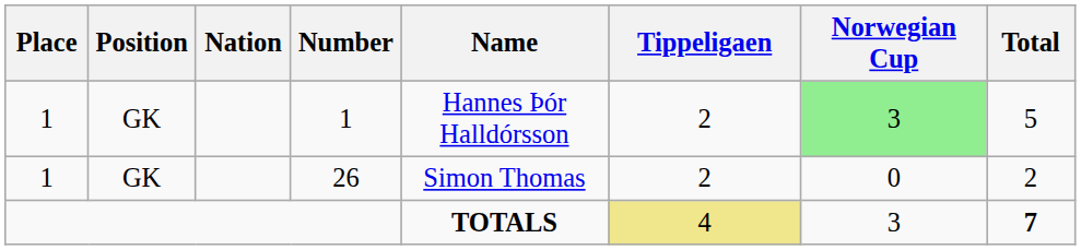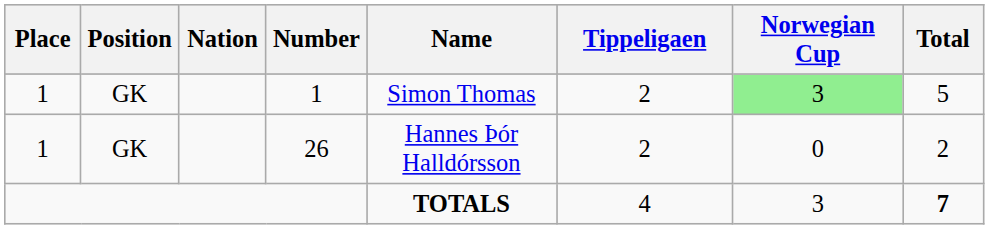 <table class="wikitable" style="font-size: 95%; text-align: center;">
 <tr>
 <th width=60>Place</th>
 <th width=60>Position</th>
 <th width=60>Nation</th>
 <th width=60>Number</th>
 <th width=250>Name</th>
 <th width=200><a href='#'>Tippeligaen</a></th>
 <th width=200><a href='#'>Norwegian Cup</a></th>
 <th width=80><strong>Total</strong></th>
 </tr>
 <tr>
 <td>1</td>
 <td>GK</td>
 <td></td>
 <td>1</td>
-<td><a href='#'>Hannes Þór Halldórsson</a></td>
+<td><a href='#'>Simon Thomas</a></td>
 <td>2</td>
 <td style="background: lightgreen;">3</td>
 <td>5</td>
 </tr>
 <tr>
 <td>1</td>
 <td>GK</td>
 <td></td>
 <td>26</td>
-<td><a href='#'>Simon Thomas</a></td>
+<td><a href='#'>Hannes Þór Halldórsson</a></td>
 <td>2</td>
 <td>0</td>
 <td>2</td>
 </tr>
 <tr>
 <td colspan="4"></td>
 <td><strong>TOTALS</strong></td>
-<td style="background: khaki;">4</td>
+<td>4</td>
 <td>3</td>
 <td><strong>7</strong></td>
 </tr>
 </table>
